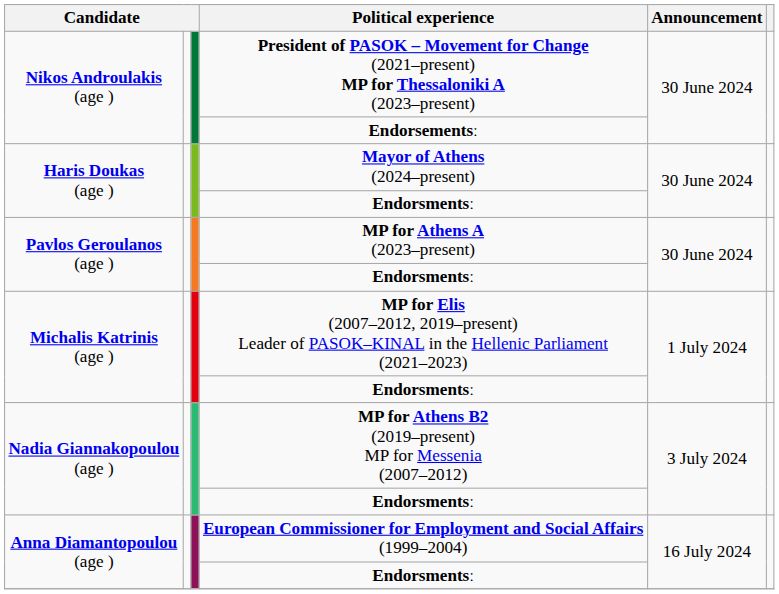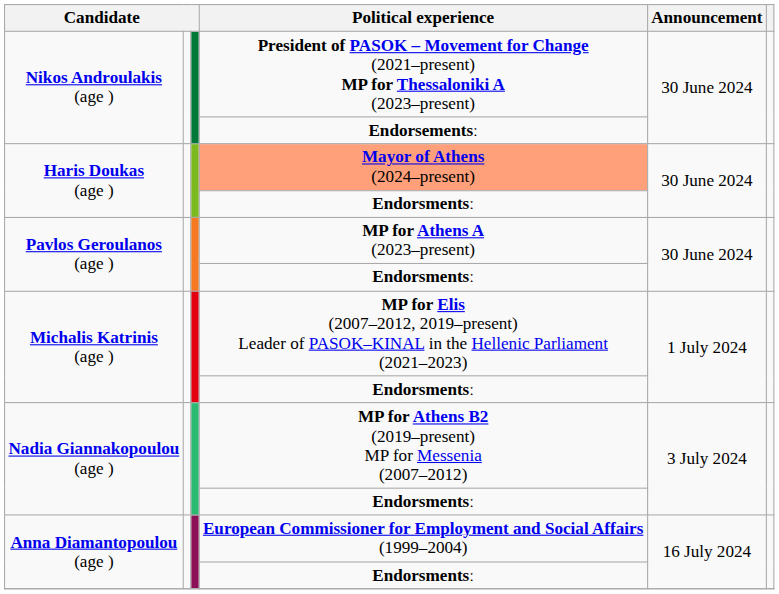 <table class="wikitable" style="text-align:center;">
 <tr>
 <th colspan="3" width="125">Candidate</th>
 <th>Political experience</th>
 <th>Announcement</th>
 <th></th>
 </tr>
 <tr>
 <td rowspan="2"><strong><a href='#'>Nikos Androulakis</a></strong><br>(age )</td>
 <td rowspan="2"></td>
 <th rowspan="2" style="color:inherit;background:#007838;"></th>
 <td><strong>President of <a href='#'>PASOK – Movement for Change</a></strong><br>(2021–present)<br> <strong>MP for <a href='#'>Thessaloniki A</a></strong><br>(2023–present)<br></td>
 <td rowspan="2">30 June 2024</td>
 <td rowspan="2"><br><br><br></td>
 </tr>
 <tr>
 <td><strong>Endorsementsː</strong><br></td>
 </tr>
 <tr>
 <td rowspan="2"><strong><a href='#'>Haris Doukas</a></strong><br>(age )</td>
 <td rowspan="2"></td>
 <th rowspan="2" style="color:inherit;background:#7ABA1E;"></th>
-<td><strong><a href='#'>Mayor of Athens</a></strong><br>(2024–present)</td>
+<td style="background: lightsalmon;"><strong><a href='#'>Mayor of Athens</a></strong><br>(2024–present)</td>
 <td rowspan="2">30 June 2024</td>
 <td rowspan="2"><br><br></td>
 </tr>
 <tr>
 <td><strong>Endorsmentsː</strong><br></td>
 </tr>
 <tr>
 <td rowspan="2"><strong><a href='#'>Pavlos Geroulanos</a></strong><br>(age )</td>
 <td rowspan="2"></td>
 <th rowspan="2" style="color:inherit;background:#F47921;"></th>
 <td><strong>MP for <a href='#'>Athens A</a></strong><br>(2023–present)<br></td>
 <td rowspan="2">30 June 2024</td>
 <td rowspan="2"><br><br></td>
 </tr>
 <tr>
 <td><strong>Endorsmentsː</strong><br></td>
 </tr>
 <tr>
 <td rowspan="2"><strong><a href='#'>Michalis Katrinis</a></strong><br>(age )</td>
 <td rowspan="2"></td>
 <th rowspan="2" style="color:inherit;background:#E4010F;"></th>
 <td><strong>MP for <a href='#'>Elis</a></strong><br>(2007–2012, 2019–present)<br>Leader of <a href='#'>PASOK–KINAL</a> in the <a href='#'>Hellenic Parliament</a><br>(2021–2023)</td>
 <td rowspan="2">1 July 2024</td>
 <td rowspan="2"></td>
 </tr>
 <tr>
 <td><strong>Endorsmentsː</strong><br></td>
 </tr>
 <tr>
 <td rowspan="2"><strong><a href='#'>Nadia Giannakopoulou</a></strong><br>(age )</td>
 <td rowspan="2"></td>
 <th rowspan="2" style="color:inherit;background:#2ABA72;"></th>
 <td><strong>MP for <a href='#'>Athens B2</a></strong><br>(2019–present)<br>MP for <a href='#'>Messenia</a><br>(2007–2012)</td>
 <td rowspan="2">3 July 2024</td>
 <td rowspan="2"></td>
 </tr>
 <tr>
 <td><strong>Endorsmentsː</strong><br></td>
 </tr>
 <tr>
 <td rowspan="2"><strong><a href='#'>Anna Diamantopoulou</a></strong><br>(age )</td>
 <td rowspan="2"></td>
 <th rowspan="2" style="color:inherit;background:#8C1157;"></th>
 <td><strong><a href='#'>European Commissioner for Employment and Social Affairs</a></strong><br>(1999–2004)<br></td>
 <td rowspan="2">16 July 2024</td>
 <td rowspan="2"><br><br></td>
 </tr>
 <tr>
 <td><strong>Endorsmentsː</strong><br></td>
 </tr>
 <tr>
 </tr>
 </table>
